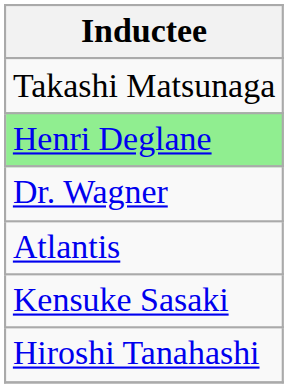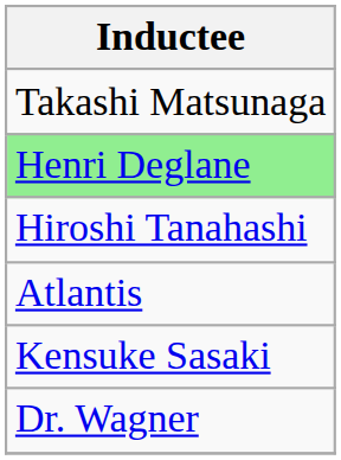 <table class="wikitable">
 <tr>
 <th>Inductee</th>
 </tr>
 <tr>
 <td>Takashi Matsunaga</td>
 </tr>
 <tr>
 <td style="background: lightgreen;"><a href='#'>Henri Deglane</a></td>
 </tr>
 <tr>
-<td><a href='#'>Dr. Wagner</a></td>
+<td><a href='#'>Hiroshi Tanahashi</a></td>
 </tr>
 <tr>
 <td><a href='#'>Atlantis</a></td>
 </tr>
 <tr>
 <td><a href='#'>Kensuke Sasaki</a></td>
 </tr>
 <tr>
-<td><a href='#'>Hiroshi Tanahashi</a></td>
+<td><a href='#'>Dr. Wagner</a></td>
 </tr>
 <tr>
 </tr>
 </table>
